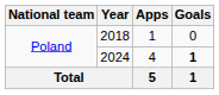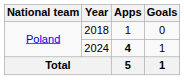 <table class="wikitable" style="text-align:center">
 <tr>
 <th>National team</th>
 <th>Year</th>
 <th>Apps</th>
 <th>Goals</th>
 </tr>
 <tr>
 <td rowspan="2"><a href='#'>Poland</a></td>
 <td>2018</td>
 <td>1</td>
 <td>0</td>
 </tr>
 <tr>
 <td>2024</td>
-<td>4</td>
-<td><strong>1</strong></td>
+<td><strong>4</strong></td>
+<td>1</td>
 </tr>
 <tr>
 <th colspan="2">Total</th>
 <th>5</th>
 <th>1</th>
 </tr>
 </table>
